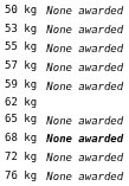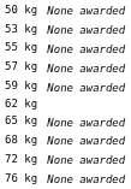 <table>
 <tr>
 <td rowspan=2>50 kg<br></td>
 <td rowspan=2></td>
 <td rowspan=2></td>
 <td></td>
 </tr>
 <tr>
 <td><em>None awarded</em></td>
 </tr>
 <tr>
 <td rowspan=2>53 kg<br></td>
 <td rowspan=2></td>
 <td rowspan=2></td>
 <td></td>
 </tr>
 <tr>
 <td><em>None awarded</em></td>
 </tr>
 <tr>
 <td rowspan=2>55 kg<br></td>
 <td rowspan=2></td>
 <td rowspan=2></td>
 <td></td>
 </tr>
 <tr>
 <td><em>None awarded</em></td>
 </tr>
 <tr>
 <td rowspan=2>57 kg<br></td>
 <td rowspan=2></td>
 <td rowspan=2></td>
 <td></td>
 </tr>
 <tr>
 <td><em>None awarded</em></td>
 </tr>
 <tr>
 <td rowspan=2>59 kg<br></td>
 <td rowspan=2></td>
 <td rowspan=2></td>
 <td></td>
 </tr>
 <tr>
 <td><em>None awarded</em></td>
 </tr>
 <tr>
 <td rowspan=2>62 kg<br></td>
 <td rowspan=2></td>
 <td rowspan=2></td>
 <td></td>
 </tr>
 <tr>
 <td></td>
 </tr>
 <tr>
 <td rowspan=2>65 kg<br></td>
 <td rowspan=2></td>
 <td rowspan=2></td>
 <td></td>
 </tr>
 <tr>
 <td><em>None awarded</em></td>
 </tr>
 <tr>
 <td rowspan=2>68 kg<br></td>
 <td rowspan=2></td>
 <td rowspan=2></td>
 <td></td>
 </tr>
 <tr>
-<td><strong><em>None awarded</em></strong></td>
+<td><em>None awarded</em></td>
 </tr>
 <tr>
 <td rowspan=2>72 kg<br></td>
 <td rowspan=2></td>
 <td rowspan=2></td>
 <td></td>
 </tr>
 <tr>
 <td><em>None awarded</em></td>
 </tr>
 <tr>
 <td rowspan=2>76 kg<br></td>
 <td rowspan=2></td>
 <td rowspan=2></td>
 <td></td>
 </tr>
 <tr>
 <td><em>None awarded</em></td>
 </tr>
 </table>
